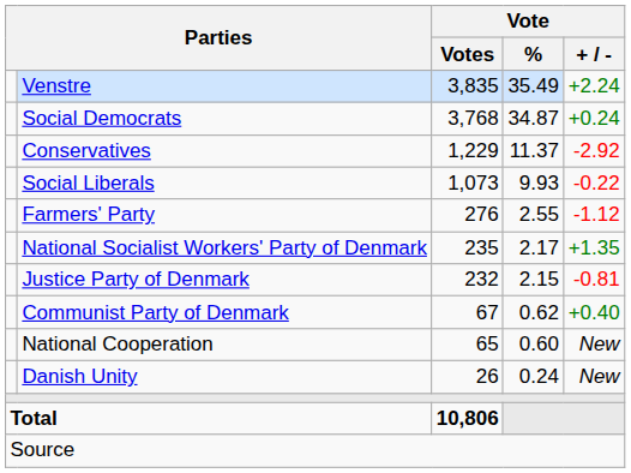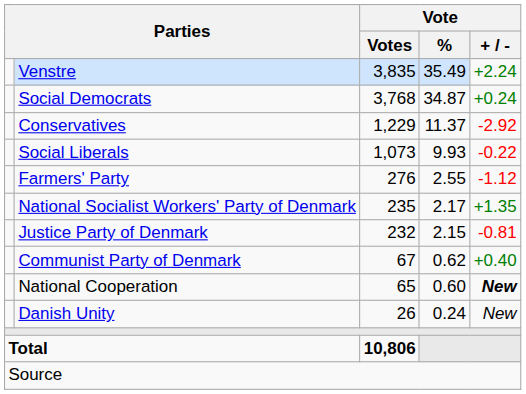 <table class="wikitable" style="text-align:right;">
 <tr>
 <th style="text-align:centre;" rowspan="2" colspan="2" width="225">Parties</th>
 <th colspan="3">Vote</th>
 </tr>
 <tr>
 <th width="15">Votes</th>
 <th width="15">%</th>
 <th width="15">+ / -</th>
 </tr>
 <tr>
 <td width="2" style="color:inherit;background:"></td>
 <td bgcolor=#cfe5fe  align="left"><a href='#'>Venstre</a></td>
 <td bgcolor=#cfe5fe>3,835</td>
 <td bgcolor=#cfe5fe>35.49</td>
 <td style=color:green;>+2.24</td>
 </tr>
 <tr>
 <td width="2" style="color:inherit;background:"></td>
 <td align="left"><a href='#'>Social Democrats</a></td>
 <td>3,768</td>
 <td>34.87</td>
 <td style=color:green;>+0.24</td>
 </tr>
 <tr>
 <td width="2" style="color:inherit;background:"></td>
 <td align="left"><a href='#'>Conservatives</a></td>
 <td>1,229</td>
 <td>11.37</td>
 <td style=color:red;>-2.92</td>
 </tr>
 <tr>
 <td width="2" style="color:inherit;background:"></td>
 <td align="left"><a href='#'>Social Liberals</a></td>
 <td>1,073</td>
 <td>9.93</td>
 <td style=color:red;>-0.22</td>
 </tr>
 <tr>
 <td width="2" style="color:inherit;background:"></td>
 <td align="left"><a href='#'>Farmers' Party</a></td>
 <td>276</td>
 <td>2.55</td>
 <td style=color:red;>-1.12</td>
 </tr>
 <tr>
 <td width="2" style="color:inherit;background:"></td>
 <td align="left"><a href='#'>National Socialist Workers' Party of Denmark</a></td>
 <td>235</td>
 <td>2.17</td>
 <td style=color:green;>+1.35</td>
 </tr>
 <tr>
 <td width="2" style="color:inherit;background:"></td>
 <td align="left"><a href='#'>Justice Party of Denmark</a></td>
 <td>232</td>
 <td>2.15</td>
 <td style=color:red;>-0.81</td>
 </tr>
 <tr>
 <td width="2" style="color:inherit;background:"></td>
 <td align="left"><a href='#'>Communist Party of Denmark</a></td>
 <td>67</td>
 <td>0.62</td>
 <td style=color:green;>+0.40</td>
 </tr>
 <tr>
 <td width="2" style="color:inherit;background:"></td>
 <td align="left">National Cooperation</td>
 <td>65</td>
 <td>0.60</td>
-<td><em>New</em></td>
+<td><strong><em>New</em></strong></td>
 </tr>
 <tr>
 <td width="2" style="color:inherit;background:"></td>
 <td align="left"><a href='#'>Danish Unity</a></td>
 <td>26</td>
 <td>0.24</td>
 <td><em>New</em></td>
 </tr>
 <tr>
 <td colspan="7" bgcolor="#E9E9E9"></td>
 </tr>
 <tr>
 <td align="left" colspan="2"><strong>Total</strong></td>
 <td><strong>10,806</strong></td>
 <td bgcolor="#E9E9E9" colspan="2"></td>
 </tr>
 <tr>
 <td align="left" colspan="6">Source</td>
 </tr>
 </table>
